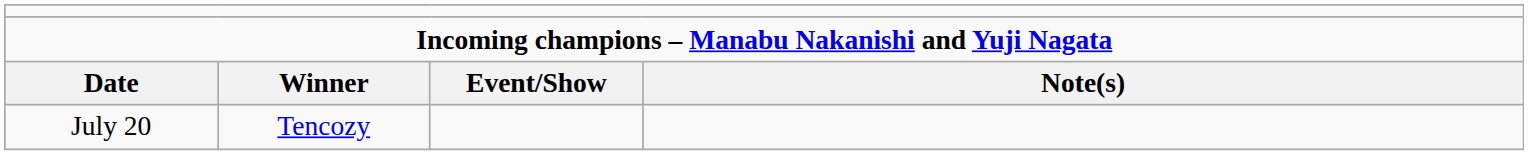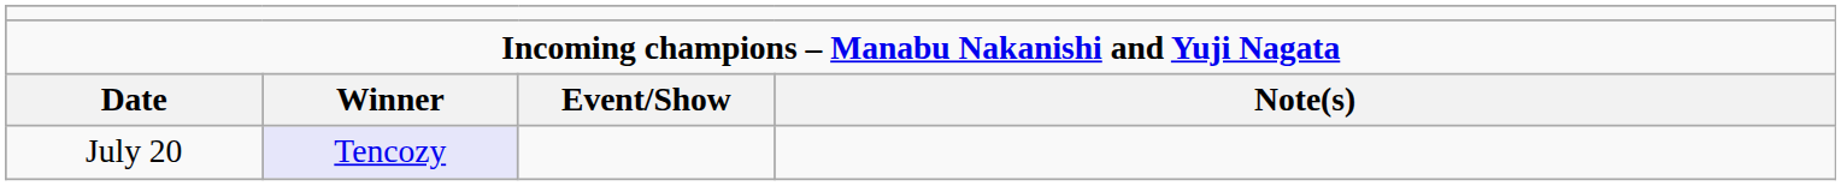 <table class="wikitable" style="text-align:center; width:100%;">
 <tr>
 <td colspan="5"></td>
 </tr>
 <tr>
 <td colspan="5"><strong>Incoming champions – <a href='#'>Manabu Nakanishi</a> and <a href='#'>Yuji Nagata</a></strong></td>
 </tr>
 <tr>
 <th width=14%>Date</th>
 <th width=14%>Winner</th>
 <th width=14%>Event/Show</th>
 <th width=58%>Note(s)</th>
 </tr>
 <tr>
 <td>July 20</td>
-<td><a href='#'>Tencozy</a><br></td>
+<td style="background: lavender;"><a href='#'>Tencozy</a><br></td>
 <td></td>
 <td align="left"></td>
 </tr>
 </table>
